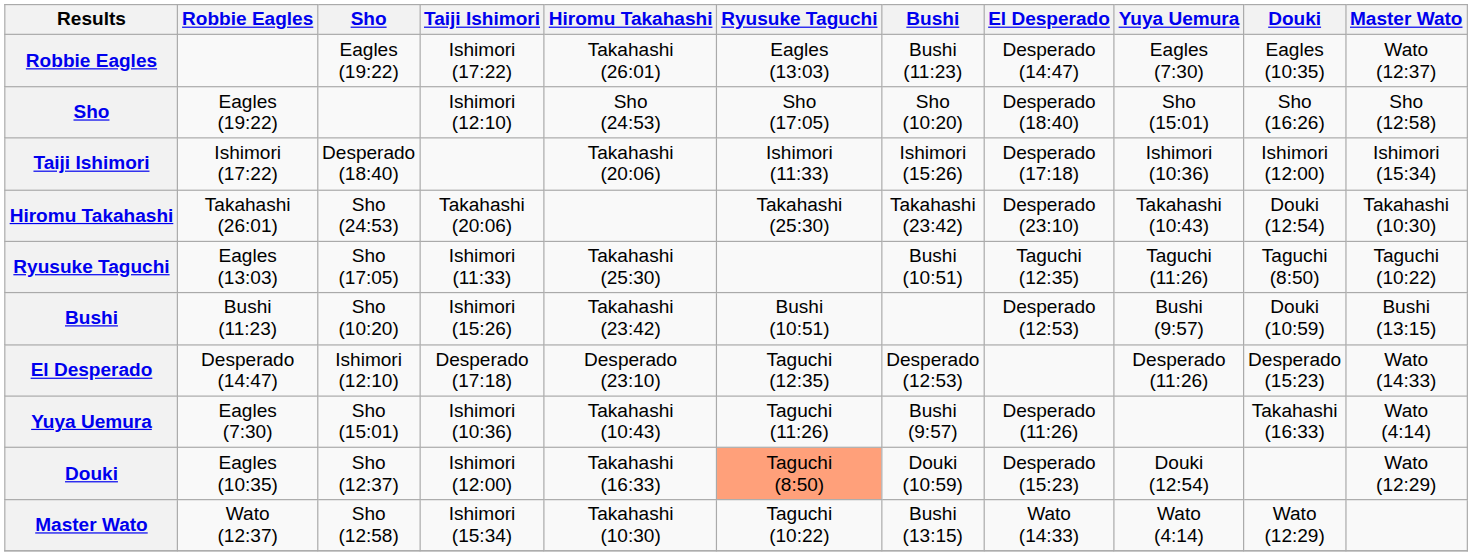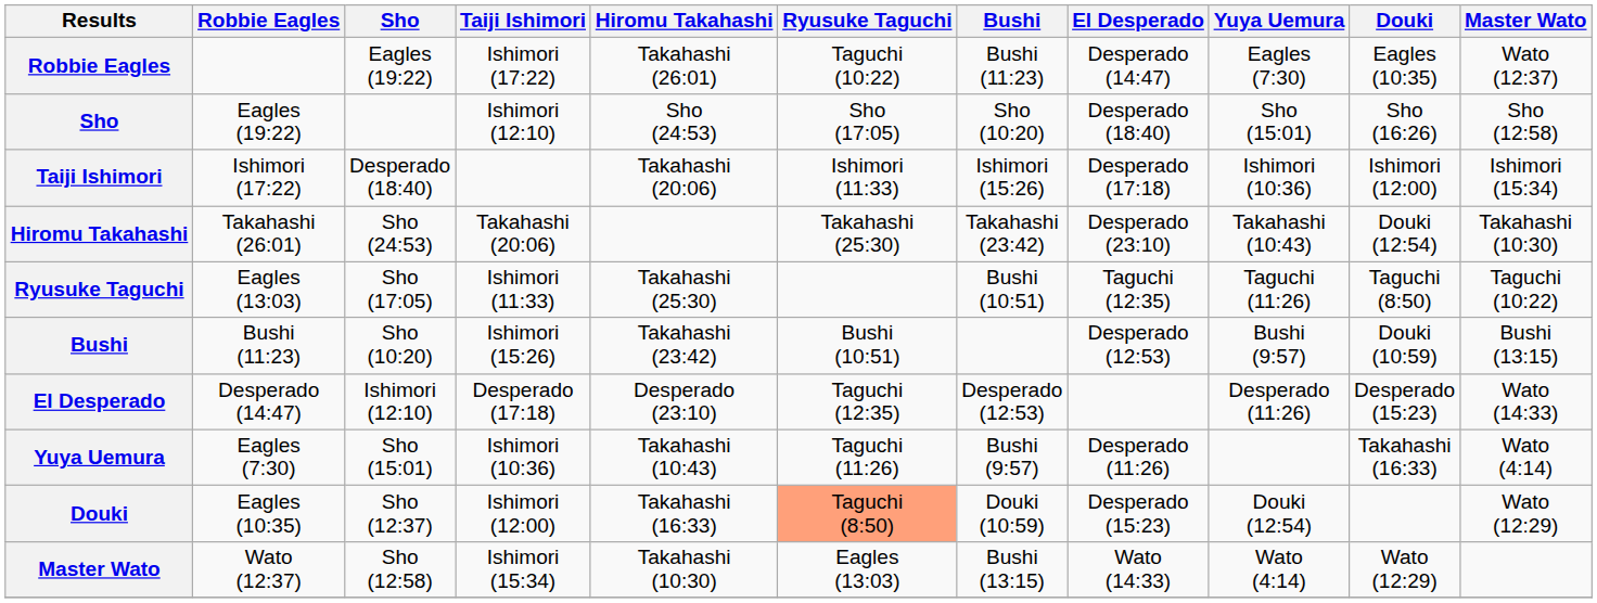 <table class="wikitable" style="text-align:center; margin: 1em auto 1em auto">
 <tr align="center">
 <th>Results</th>
 <th><a href='#'>Robbie Eagles</a></th>
 <th><a href='#'>Sho</a></th>
 <th><a href='#'>Taiji Ishimori</a></th>
 <th><a href='#'>Hiromu Takahashi</a></th>
 <th><a href='#'>Ryusuke Taguchi</a></th>
 <th><a href='#'>Bushi</a></th>
 <th><a href='#'>El Desperado</a></th>
 <th><a href='#'>Yuya Uemura</a></th>
 <th><a href='#'>Douki</a></th>
 <th><a href='#'>Master Wato</a></th>
 </tr>
 <tr align="center">
 <th><a href='#'>Robbie Eagles</a></th>
 <td></td>
 <td>Eagles<br>(19:22)</td>
 <td>Ishimori<br>(17:22)</td>
 <td>Takahashi<br>(26:01)</td>
-<td>Eagles<br>(13:03)</td>
+<td>Taguchi<br>(10:22)</td>
 <td>Bushi<br>(11:23)</td>
 <td>Desperado<br>(14:47)</td>
 <td>Eagles<br>(7:30)</td>
 <td>Eagles<br>(10:35)</td>
 <td>Wato<br>(12:37)</td>
 </tr>
 <tr align="center">
 <th><a href='#'>Sho</a></th>
 <td>Eagles<br>(19:22)</td>
 <td></td>
 <td>Ishimori<br>(12:10)</td>
 <td>Sho<br>(24:53)</td>
 <td>Sho<br>(17:05)</td>
 <td>Sho<br>(10:20)</td>
 <td>Desperado<br>(18:40)</td>
 <td>Sho<br>(15:01)</td>
 <td>Sho<br>(16:26)</td>
 <td>Sho<br>(12:58)</td>
 </tr>
 <tr align="center">
 <th><a href='#'>Taiji Ishimori</a></th>
 <td>Ishimori<br>(17:22)</td>
 <td>Desperado<br>(18:40)</td>
 <td></td>
 <td>Takahashi<br>(20:06)</td>
 <td>Ishimori<br>(11:33)</td>
 <td>Ishimori<br>(15:26)</td>
 <td>Desperado<br>(17:18)</td>
 <td>Ishimori<br>(10:36)</td>
 <td>Ishimori<br>(12:00)</td>
 <td>Ishimori<br>(15:34)</td>
 </tr>
 <tr align="center">
 <th><a href='#'>Hiromu Takahashi</a></th>
 <td>Takahashi<br>(26:01)</td>
 <td>Sho<br>(24:53)</td>
 <td>Takahashi<br>(20:06)</td>
 <td></td>
 <td>Takahashi<br>(25:30)</td>
 <td>Takahashi<br>(23:42)</td>
 <td>Desperado<br>(23:10)</td>
 <td>Takahashi<br>(10:43)</td>
 <td>Douki<br>(12:54)</td>
 <td>Takahashi<br>(10:30)</td>
 </tr>
 <tr align="center">
 <th><a href='#'>Ryusuke Taguchi</a></th>
 <td>Eagles<br>(13:03)</td>
 <td>Sho<br>(17:05)</td>
 <td>Ishimori<br>(11:33)</td>
 <td>Takahashi<br>(25:30)</td>
 <td></td>
 <td>Bushi<br>(10:51)</td>
 <td>Taguchi<br>(12:35)</td>
 <td>Taguchi<br>(11:26)</td>
 <td>Taguchi<br>(8:50)</td>
 <td>Taguchi<br>(10:22)</td>
 </tr>
 <tr align="center">
 <th><a href='#'>Bushi</a></th>
 <td>Bushi<br>(11:23)</td>
 <td>Sho<br>(10:20)</td>
 <td>Ishimori<br>(15:26)</td>
 <td>Takahashi<br>(23:42)</td>
 <td>Bushi<br>(10:51)</td>
 <td></td>
 <td>Desperado<br>(12:53)</td>
 <td>Bushi<br>(9:57)</td>
 <td>Douki<br>(10:59)</td>
 <td>Bushi<br>(13:15)</td>
 </tr>
 <tr align="center">
 <th><a href='#'>El Desperado</a></th>
 <td>Desperado<br>(14:47)</td>
 <td>Ishimori<br>(12:10)</td>
 <td>Desperado<br>(17:18)</td>
 <td>Desperado<br>(23:10)</td>
 <td>Taguchi<br>(12:35)</td>
 <td>Desperado<br>(12:53)</td>
 <td></td>
 <td>Desperado<br>(11:26)</td>
 <td>Desperado<br>(15:23)</td>
 <td>Wato<br>(14:33)</td>
 </tr>
 <tr align="center">
 <th><a href='#'>Yuya Uemura</a></th>
 <td>Eagles<br>(7:30)</td>
 <td>Sho<br>(15:01)</td>
 <td>Ishimori<br>(10:36)</td>
 <td>Takahashi<br>(10:43)</td>
 <td>Taguchi<br>(11:26)</td>
 <td>Bushi<br>(9:57)</td>
 <td>Desperado<br>(11:26)</td>
 <td></td>
 <td>Takahashi<br>(16:33)</td>
 <td>Wato<br>(4:14)</td>
 </tr>
 <tr align="center">
 <th><a href='#'>Douki</a></th>
 <td>Eagles<br>(10:35)</td>
 <td>Sho<br>(12:37)</td>
 <td>Ishimori<br>(12:00)</td>
 <td>Takahashi<br>(16:33)</td>
 <td style="background: lightsalmon;">Taguchi<br>(8:50)</td>
 <td>Douki<br>(10:59)</td>
 <td>Desperado<br>(15:23)</td>
 <td>Douki<br>(12:54)</td>
 <td></td>
 <td>Wato<br>(12:29)</td>
 </tr>
 <tr align="center">
 <th><a href='#'>Master Wato</a></th>
 <td>Wato<br>(12:37)</td>
 <td>Sho<br>(12:58)</td>
 <td>Ishimori<br>(15:34)</td>
 <td>Takahashi<br>(10:30)</td>
-<td>Taguchi<br>(10:22)</td>
+<td>Eagles<br>(13:03)</td>
 <td>Bushi<br>(13:15)</td>
 <td>Wato<br>(14:33)</td>
 <td>Wato<br>(4:14)</td>
 <td>Wato<br>(12:29)</td>
 <td></td>
 </tr>
 <tr align="center">
 </tr>
 </table>
